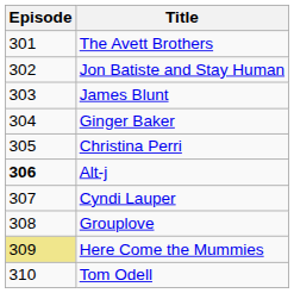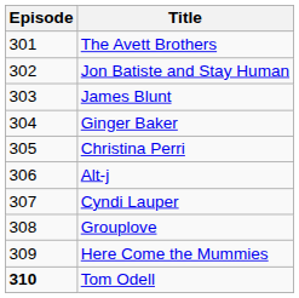 <table class = "wikitable">
 <tr>
 <th>Episode</th>
 <th>Title</th>
 </tr>
 <tr>
 <td>301</td>
 <td><a href='#'>The Avett Brothers</a></td>
 </tr>
 <tr>
 <td>302</td>
 <td><a href='#'>Jon Batiste and Stay Human</a></td>
 </tr>
 <tr>
 <td>303</td>
 <td><a href='#'>James Blunt</a></td>
 </tr>
 <tr>
 <td>304</td>
 <td><a href='#'>Ginger Baker</a></td>
 </tr>
 <tr>
 <td>305</td>
 <td><a href='#'>Christina Perri</a></td>
 </tr>
 <tr>
-<td><strong>306</strong></td>
+<td>306</td>
 <td><a href='#'>Alt-j</a></td>
 </tr>
 <tr>
 <td>307</td>
 <td><a href='#'>Cyndi Lauper</a></td>
 </tr>
 <tr>
 <td>308</td>
 <td><a href='#'>Grouplove</a></td>
 </tr>
 <tr>
-<td style="background: khaki;">309</td>
+<td>309</td>
 <td><a href='#'>Here Come the Mummies</a></td>
 </tr>
 <tr>
-<td>310</td>
+<td><strong>310</strong></td>
 <td><a href='#'>Tom Odell</a></td>
 </tr>
 </table>
